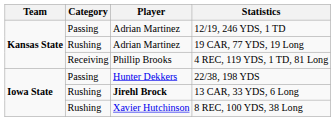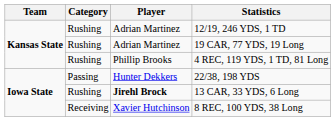 <table class="wikitable" style="float: right;">
 <tr>
 <th>Team</th>
 <th>Category</th>
 <th>Player</th>
 <th>Statistics</th>
 </tr>
 <tr>
 <td rowspan=3><strong>Kansas State</strong></td>
-<td>Passing</td>
+<td>Rushing</td>
 <td>Adrian Martinez</td>
 <td>12/19, 246 YDS, 1 TD</td>
 </tr>
 <tr>
 <td>Rushing</td>
 <td>Adrian Martinez</td>
 <td>19 CAR, 77 YDS, 19 Long</td>
 </tr>
 <tr>
-<td>Receiving</td>
+<td>Rushing</td>
 <td>Phillip Brooks</td>
 <td>4 REC, 119 YDS, 1 TD, 81 Long</td>
 </tr>
 <tr>
 <td rowspan=3><strong>Iowa State</strong></td>
 <td>Passing</td>
 <td><a href='#'>Hunter Dekkers</a></td>
 <td>22/38, 198 YDS</td>
 </tr>
 <tr>
 <td>Rushing</td>
 <td><strong>Jirehl Brock</strong></td>
 <td>13 CAR, 33 YDS, 6 Long</td>
 </tr>
 <tr>
-<td>Rushing</td>
+<td>Receiving</td>
 <td><a href='#'>Xavier Hutchinson</a></td>
 <td>8 REC, 100 YDS, 38 Long</td>
 </tr>
 </table>
